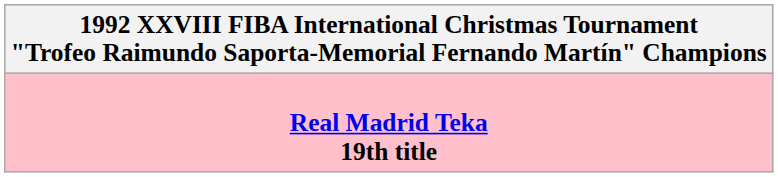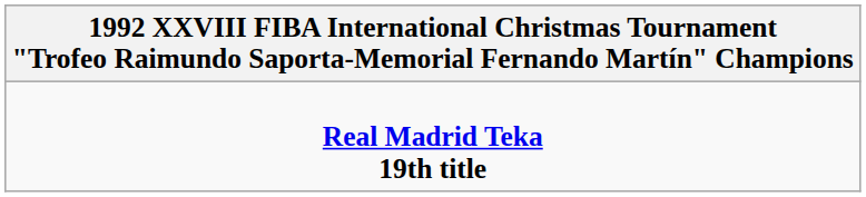 <table class=wikitable style="text-align:center; margin:auto">
 <tr>
 <th>1992 XXVIII FIBA International Christmas Tournament<br>"Trofeo Raimundo Saporta-Memorial Fernando Martín" Champions</th>
 </tr>
 <tr>
-<td style="background: pink;"><br><strong><a href='#'>Real Madrid Teka</a></strong><br><strong>19th title</strong></td>
+<td><br><strong><a href='#'>Real Madrid Teka</a></strong><br><strong>19th title</strong></td>
 </tr>
 </table>
